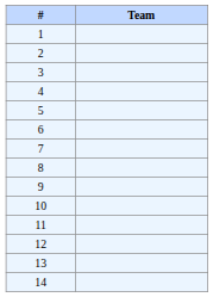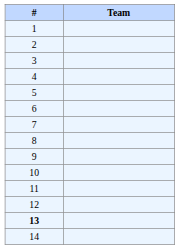 <table bgcolor="#f7f8ff" cellpadding="3" cellspacing="0" border="1" width="30%" style="margin:0 auto;font-size: 95%; border: gray solid 1px; border-collapse: collapse;">
 <tr bgcolor=#C1D8FF>
 <th>#</th>
 <th>Team</th>
 </tr>
 <tr align=left bgcolor=#EBF5FF>
 <td align=center> 1</td>
 <td></td>
 </tr>
 <tr align=left bgcolor=#EBF5FF>
 <td align=center> 2</td>
 <td></td>
 </tr>
 <tr align=left bgcolor=#EBF5FF>
 <td align=center> 3</td>
 <td></td>
 </tr>
 <tr align=left bgcolor=#EBF5FF>
 <td align=center>4</td>
 <td></td>
 </tr>
 <tr align=left bgcolor=#EBF5FF>
 <td align=center>5</td>
 <td></td>
 </tr>
 <tr align=left bgcolor=#EBF5FF>
 <td align=center>6</td>
 <td></td>
 </tr>
 <tr align=left bgcolor=#EBF5FF>
 <td align=center>7</td>
 <td></td>
 </tr>
 <tr align=left bgcolor=#EBF5FF>
 <td align=center>8</td>
 <td></td>
 </tr>
 <tr align=left bgcolor=#EBF5FF>
 <td align=center>9</td>
 <td></td>
 </tr>
 <tr align=left bgcolor=#EBF5FF>
 <td align=center>10</td>
 <td></td>
 </tr>
 <tr align=left bgcolor=#EBF5FF>
 <td align=center>11</td>
 <td></td>
 </tr>
 <tr align=left bgcolor=#EBF5FF>
 <td align=center>12</td>
 <td></td>
 </tr>
 <tr align=left bgcolor=#EBF5FF>
-<td align=center>13</td>
+<td align=center><strong>13</strong></td>
 <td></td>
 </tr>
 <tr align=left bgcolor=#EBF5FF>
 <td align=center>14</td>
 <td></td>
 </tr>
 </table>
